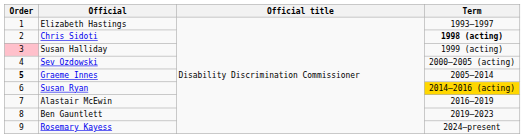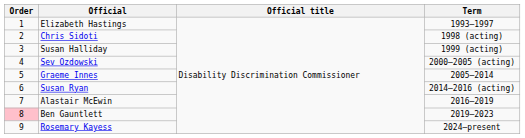 <table class="wikitable">
 <tr>
 <th width=50>Order</th>
 <th width=220>Official</th>
 <th width=400>Official title</th>
 <th width=150>Term</th>
 </tr>
 <tr>
 <td align=center>1</td>
 <td>Elizabeth Hastings</td>
 <td rowspan="9">Disability Discrimination Commissioner</td>
 <td align=center>1993–1997</td>
 </tr>
 <tr>
 <td align=center>2</td>
 <td><a href='#'>Chris Sidoti</a></td>
-<td align=center><strong>1998 (acting)</strong></td>
+<td align=center>1998 (acting)</td>
 </tr>
 <tr>
-<td align=center style="background: pink;">3</td>
+<td align=center>3</td>
 <td>Susan Halliday</td>
 <td align=center>1999 (acting)</td>
 </tr>
 <tr>
 <td align=center>4</td>
 <td><a href='#'>Sev Ozdowski</a></td>
 <td align=center>2000–2005 (acting)</td>
 </tr>
 <tr>
-<td align=center><strong>5</strong></td>
+<td align=center>5</td>
 <td><a href='#'>Graeme Innes</a></td>
 <td align=center>2005–2014</td>
 </tr>
 <tr>
 <td align=center>6</td>
 <td><a href='#'>Susan Ryan</a></td>
-<td align=center style="background: gold;">2014–2016 (acting)</td>
+<td align=center>2014–2016 (acting)</td>
 </tr>
 <tr>
 <td align=center>7</td>
 <td>Alastair McEwin</td>
 <td align=center>2016–2019</td>
 </tr>
 <tr>
-<td align=center>8</td>
+<td align=center style="background: pink;">8</td>
 <td>Ben Gauntlett</td>
 <td align=center>2019–2023</td>
 </tr>
 <tr>
 <td align=center>9</td>
 <td><a href='#'>Rosemary Kayess</a></td>
 <td align=center>2024–present</td>
 </tr>
 </table>
